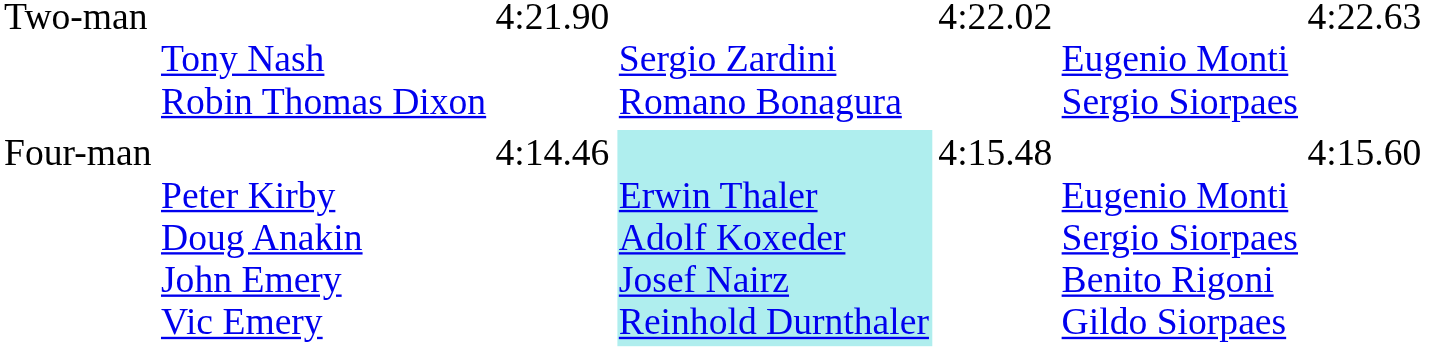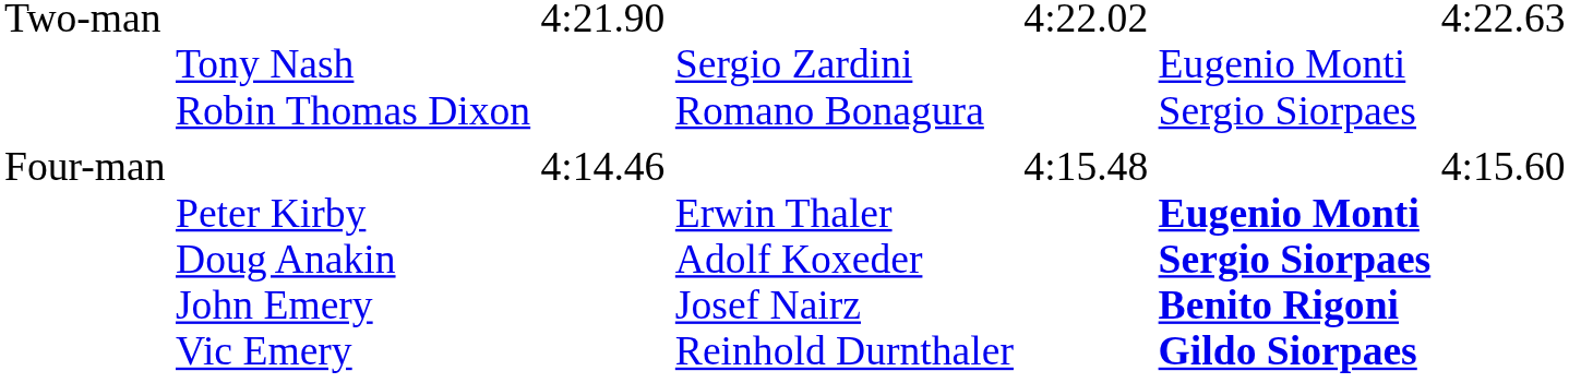 <table>
 <tr valign="top">
 <td>Two-man <br></td>
 <td><br><a href='#'>Tony Nash</a><br><a href='#'>Robin Thomas Dixon</a></td>
 <td>4:21.90</td>
 <td><br><a href='#'>Sergio Zardini</a><br><a href='#'>Romano Bonagura</a></td>
 <td>4:22.02</td>
 <td><br><a href='#'>Eugenio Monti</a><br><a href='#'>Sergio Siorpaes</a></td>
 <td>4:22.63</td>
 </tr>
 <tr valign="top">
 <td>Four-man <br></td>
 <td><br><a href='#'>Peter Kirby</a><br><a href='#'>Doug Anakin</a><br><a href='#'>John Emery</a><br><a href='#'>Vic Emery</a></td>
 <td>4:14.46</td>
-<td style="background: paleturquoise;"><br><a href='#'>Erwin Thaler</a><br><a href='#'>Adolf Koxeder</a><br><a href='#'>Josef Nairz</a><br><a href='#'>Reinhold Durnthaler</a></td>
+<td><br><a href='#'>Erwin Thaler</a><br><a href='#'>Adolf Koxeder</a><br><a href='#'>Josef Nairz</a><br><a href='#'>Reinhold Durnthaler</a></td>
 <td>4:15.48</td>
-<td><br><a href='#'>Eugenio Monti</a><br><a href='#'>Sergio Siorpaes</a><br><a href='#'>Benito Rigoni</a><br><a href='#'>Gildo Siorpaes</a></td>
+<td><strong><br><a href='#'>Eugenio Monti</a><br><a href='#'>Sergio Siorpaes</a><br><a href='#'>Benito Rigoni</a><br><a href='#'>Gildo Siorpaes</a></strong></td>
 <td>4:15.60</td>
 </tr>
 </table>
